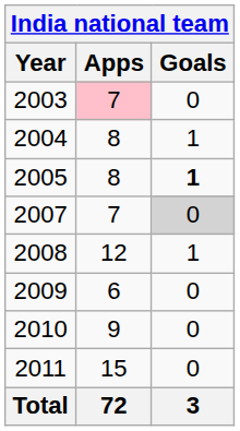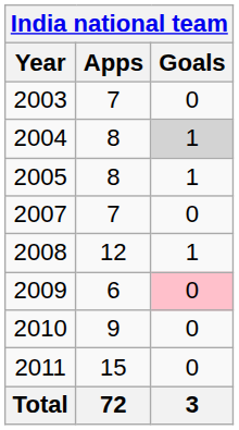 <table class="wikitable" style="text-align:center">
 <tr>
 <th colspan=3><a href='#'>India national team</a></th>
 </tr>
 <tr>
 <th>Year</th>
 <th>Apps</th>
 <th>Goals</th>
 </tr>
 <tr>
 <td>2003</td>
-<td style="background: pink;">7</td>
+<td>7</td>
 <td>0</td>
 </tr>
 <tr>
 <td>2004</td>
 <td>8</td>
-<td>1</td>
+<td style="background: lightgrey;">1</td>
 </tr>
 <tr>
 <td>2005</td>
 <td>8</td>
-<td><strong>1</strong></td>
+<td>1</td>
 </tr>
 <tr>
 <td>2007</td>
 <td>7</td>
-<td style="background: lightgrey;">0</td>
+<td>0</td>
 </tr>
 <tr>
 <td>2008</td>
 <td>12</td>
 <td>1</td>
 </tr>
 <tr>
 <td>2009</td>
 <td>6</td>
-<td>0</td>
+<td style="background: pink;">0</td>
 </tr>
 <tr>
 <td>2010</td>
 <td>9</td>
 <td>0</td>
 </tr>
 <tr>
 <td>2011</td>
 <td>15</td>
 <td>0</td>
 </tr>
 <tr>
 <th>Total</th>
 <th>72</th>
 <th>3</th>
 </tr>
 </table>
